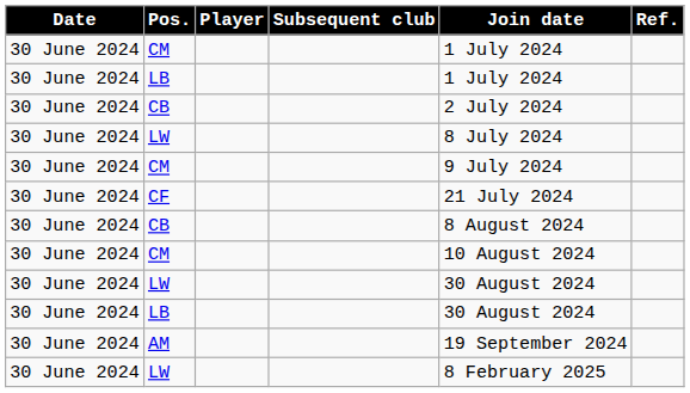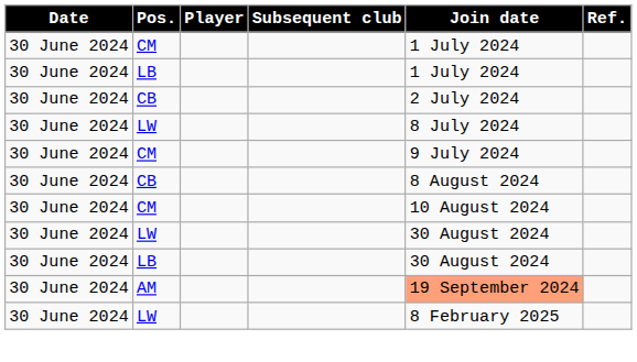 <table class="wikitable plainrowheaders sortable">
 <tr>
 <th style="background:black; color:#FFFFFF;">Date</th>
 <th style="background:black; color:#FFFFFF;">Pos.</th>
 <th style="background:black; color:#FFFFFF;">Player</th>
 <th style="background:black; color:#FFFFFF;">Subsequent club</th>
 <th style="background:black; color:#FFFFFF;">Join date</th>
 <th style="background:black; color:#FFFFFF;">Ref.</th>
 </tr>
 <tr>
 <td>30 June 2024</td>
 <td><a href='#'>CM</a></td>
 <td></td>
 <td></td>
 <td>1 July 2024</td>
 <td></td>
 </tr>
 <tr>
 <td>30 June 2024</td>
 <td><a href='#'>LB</a></td>
 <td></td>
 <td></td>
 <td>1 July 2024</td>
 <td></td>
 </tr>
 <tr>
 <td>30 June 2024</td>
 <td><a href='#'>CB</a></td>
 <td></td>
 <td></td>
 <td>2 July 2024</td>
 <td></td>
 </tr>
 <tr>
 <td>30 June 2024</td>
 <td><a href='#'>LW</a></td>
 <td></td>
 <td></td>
 <td>8 July 2024</td>
 <td></td>
 </tr>
 <tr>
 <td>30 June 2024</td>
 <td><a href='#'>CM</a></td>
 <td></td>
 <td></td>
 <td>9 July 2024</td>
 <td></td>
 </tr>
 <tr>
 <td>30 June 2024</td>
-<td><a href='#'>CF</a></td>
-<td></td>
-<td></td>
-<td>21 July 2024</td>
-<td></td>
-</tr>
-<tr>
-<td>30 June 2024</td>
 <td><a href='#'>CB</a></td>
 <td></td>
 <td></td>
 <td>8 August 2024</td>
 <td></td>
 </tr>
 <tr>
 <td>30 June 2024</td>
 <td><a href='#'>CM</a></td>
 <td></td>
 <td></td>
 <td>10 August 2024</td>
 <td></td>
 </tr>
 <tr>
 <td>30 June 2024</td>
 <td><a href='#'>LW</a></td>
 <td></td>
 <td></td>
 <td>30 August 2024</td>
 <td></td>
 </tr>
 <tr>
 <td>30 June 2024</td>
 <td><a href='#'>LB</a></td>
 <td></td>
 <td></td>
 <td>30 August 2024</td>
 <td></td>
 </tr>
 <tr>
 <td>30 June 2024</td>
 <td><a href='#'>AM</a></td>
 <td></td>
 <td></td>
-<td>19 September 2024</td>
+<td style="background: lightsalmon;">19 September 2024</td>
 <td></td>
 </tr>
 <tr>
 <td>30 June 2024</td>
 <td><a href='#'>LW</a></td>
 <td></td>
 <td></td>
 <td>8 February 2025</td>
 <td></td>
 </tr>
 </table>
